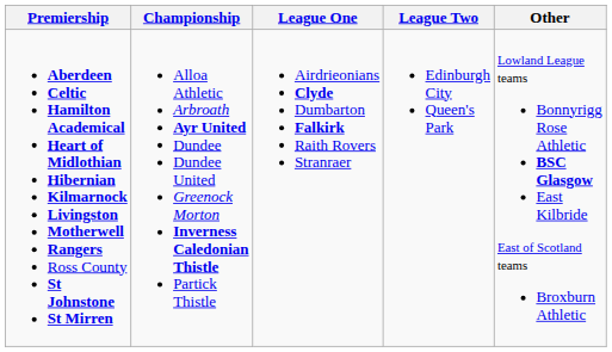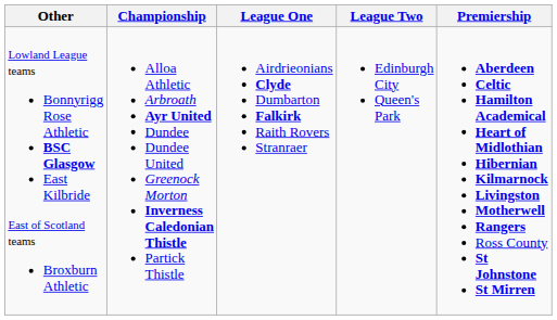 <table class="wikitable" style="text-align:left">
 <tr>
-<th><a href='#'>Premiership</a></th>
+<th>Other</th>
 <th><a href='#'>Championship</a></th>
 <th><a href='#'>League One</a></th>
 <th><a href='#'>League Two</a></th>
-<th>Other</th>
+<th><a href='#'>Premiership</a></th>
 </tr>
 <tr>
-<td valign=top><br><ul><li><strong><a href='#'>Aberdeen</a></strong></li><li><strong><a href='#'>Celtic</a></strong></li><li><strong><a href='#'>Hamilton Academical</a></strong></li><li><strong><a href='#'>Heart of Midlothian</a></strong></li><li><strong><a href='#'>Hibernian</a></strong></li><li><strong><a href='#'>Kilmarnock</a></strong></li><li><strong><a href='#'>Livingston</a></strong></li><li><strong><a href='#'>Motherwell</a></strong></li><li><strong><a href='#'>Rangers</a></strong></li><li><a href='#'>Ross County</a></li><li><strong><a href='#'>St Johnstone</a></strong></li><li><strong><a href='#'>St Mirren</a></strong></li></ul></td>
+<td valign=top><br><small><a href='#'>Lowland League</a> teams</small><ul><li><a href='#'>Bonnyrigg Rose Athletic</a></li><li><strong><a href='#'>BSC Glasgow</a></strong></li><li><a href='#'>East Kilbride</a></li></ul><small><a href='#'>East of Scotland</a> teams</small><ul><li><a href='#'>Broxburn Athletic</a></li></ul></td>
 <td valign=top><br><ul><li><a href='#'>Alloa Athletic</a></li><li><em><a href='#'>Arbroath</a></em></li><li><strong><a href='#'>Ayr United</a></strong></li><li><a href='#'>Dundee</a></li><li><a href='#'>Dundee United</a></li><li><em><a href='#'>Greenock Morton</a></em></li><li><strong><a href='#'>Inverness Caledonian Thistle</a></strong></li><li><a href='#'>Partick Thistle</a></li></ul></td>
 <td valign=top><br><ul><li><a href='#'>Airdrieonians</a></li><li><strong><a href='#'>Clyde</a></strong></li><li><a href='#'>Dumbarton</a></li><li><strong><a href='#'>Falkirk</a></strong></li><li><a href='#'>Raith Rovers</a></li><li><a href='#'>Stranraer</a></li></ul></td>
 <td valign=top><br><ul><li><a href='#'>Edinburgh City</a></li><li><a href='#'>Queen's Park</a></li></ul></td>
-<td valign=top><br><small><a href='#'>Lowland League</a> teams</small><ul><li><a href='#'>Bonnyrigg Rose Athletic</a></li><li><strong><a href='#'>BSC Glasgow</a></strong></li><li><a href='#'>East Kilbride</a></li></ul><small><a href='#'>East of Scotland</a> teams</small><ul><li><a href='#'>Broxburn Athletic</a></li></ul></td>
+<td valign=top><br><ul><li><strong><a href='#'>Aberdeen</a></strong></li><li><strong><a href='#'>Celtic</a></strong></li><li><strong><a href='#'>Hamilton Academical</a></strong></li><li><strong><a href='#'>Heart of Midlothian</a></strong></li><li><strong><a href='#'>Hibernian</a></strong></li><li><strong><a href='#'>Kilmarnock</a></strong></li><li><strong><a href='#'>Livingston</a></strong></li><li><strong><a href='#'>Motherwell</a></strong></li><li><strong><a href='#'>Rangers</a></strong></li><li><a href='#'>Ross County</a></li><li><strong><a href='#'>St Johnstone</a></strong></li><li><strong><a href='#'>St Mirren</a></strong></li></ul></td>
 </tr>
 </table>
